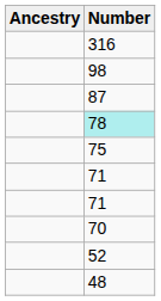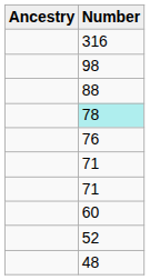 <table style="float: center;" class="wikitable">
 <tr>
 <th style="background:#efefef;">Ancestry</th>
 <th style="background:#efefef;">Number</th>
 </tr>
 <tr>
 <td></td>
 <td>316</td>
 </tr>
 <tr>
 <td></td>
 <td>98</td>
 </tr>
 <tr>
 <td></td>
-<td>87</td>
+<td>88</td>
 </tr>
 <tr>
 <td></td>
 <td style="background: paleturquoise;">78</td>
 </tr>
 <tr>
 <td></td>
-<td>75</td>
+<td>76</td>
 </tr>
 <tr>
 <td></td>
 <td>71</td>
 </tr>
 <tr>
 <td></td>
 <td>71</td>
 </tr>
 <tr>
 <td></td>
-<td>70</td>
+<td>60</td>
 </tr>
 <tr>
 <td></td>
 <td>52</td>
 </tr>
 <tr>
 <td></td>
 <td>48</td>
 </tr>
 </table>
